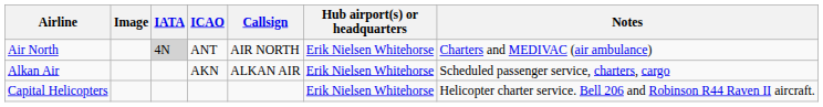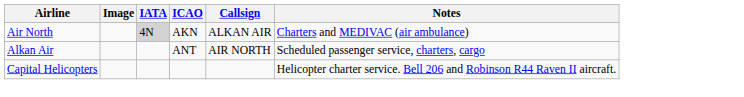 <table class="wikitable sortable" style="border: 0; cellpadding: 2; cellspacing: 3;">
 <tr style="vertical-align:middle;">
 <th>Airline</th>
 <th>Image</th>
 <th><a href='#'>IATA</a></th>
 <th><a href='#'>ICAO</a></th>
 <th><a href='#'>Callsign</a></th>
-<th>Hub airport(s) or<br>headquarters</th>
 <th class="unsortable">Notes</th>
 </tr>
 <tr>
 <td><a href='#'>Air North</a></td>
 <td></td>
 <td style="background: lightgrey;">4N</td>
-<td>ANT</td>
-<td>AIR NORTH</td>
-<td><a href='#'>Erik Nielsen Whitehorse</a></td>
+<td>AKN</td>
+<td>ALKAN AIR</td>
 <td><a href='#'>Charters</a> and <a href='#'>MEDIVAC</a> (<a href='#'>air ambulance</a>)</td>
 </tr>
 <tr>
 <td><a href='#'>Alkan Air</a></td>
 <td></td>
 <td></td>
-<td>AKN</td>
-<td>ALKAN AIR</td>
-<td><a href='#'>Erik Nielsen Whitehorse</a></td>
+<td>ANT</td>
+<td>AIR NORTH</td>
 <td>Scheduled passenger service, <a href='#'>charters</a>, <a href='#'>cargo</a></td>
 </tr>
 <tr>
 <td><a href='#'>Capital Helicopters</a></td>
 <td></td>
 <td></td>
 <td></td>
 <td></td>
-<td><a href='#'>Erik Nielsen Whitehorse</a></td>
 <td>Helicopter charter service. <a href='#'>Bell 206</a> and <a href='#'>Robinson R44 Raven II</a> aircraft.</td>
 </tr>
 </table>
